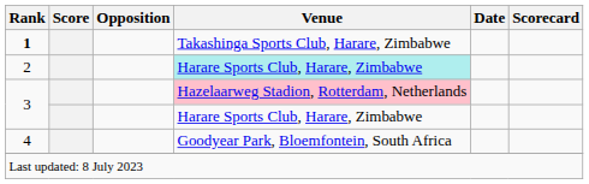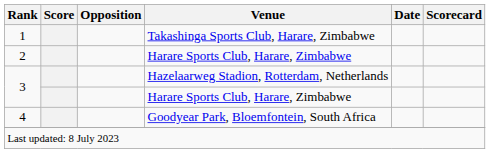 <table class="wikitable plainrowheaders sortable">
 <tr>
 <th scope=col>Rank</th>
 <th scope=col>Score</th>
 <th scope=col>Opposition</th>
 <th scope=col>Venue</th>
 <th scope=col>Date</th>
 <th scope=col>Scorecard</th>
 </tr>
 <tr>
-<td align=center><strong>1</strong></td>
+<td align=center>1</td>
 <th scope=row style=text-align:center;></th>
 <td></td>
 <td><a href='#'>Takashinga Sports Club</a>, <a href='#'>Harare</a>, Zimbabwe</td>
 <td> </td>
 <td></td>
 </tr>
 <tr>
 <td align="center">2</td>
 <th scope="row" style="text-align:center;"></th>
 <td></td>
-<td style="background: paleturquoise;"><a href='#'>Harare Sports Club</a>, <a href='#'>Harare</a>, <a href='#'>Zimbabwe</a></td>
+<td><a href='#'>Harare Sports Club</a>, <a href='#'>Harare</a>, <a href='#'>Zimbabwe</a></td>
 <td> </td>
 <td></td>
 </tr>
 <tr>
 <td rowspan="2" align="center">3</td>
 <th scope="row" style="text-align:center;"></th>
 <td></td>
-<td style="background: pink;"><a href='#'>Hazelaarweg Stadion</a>, <a href='#'>Rotterdam</a>, Netherlands</td>
+<td><a href='#'>Hazelaarweg Stadion</a>, <a href='#'>Rotterdam</a>, Netherlands</td>
 <td></td>
 <td></td>
 </tr>
 <tr>
 <th scope=row style=text-align:center;></th>
 <td></td>
 <td><a href='#'>Harare Sports Club</a>, <a href='#'>Harare</a>, Zimbabwe</td>
 <td> </td>
 <td></td>
 </tr>
 <tr>
 <td align="center">4</td>
 <th scope="row" style="text-align:center;"></th>
 <td></td>
 <td><a href='#'>Goodyear Park</a>, <a href='#'>Bloemfontein</a>, South Africa</td>
 <td> </td>
 <td></td>
 </tr>
 <tr>
 </tr>
 <tr class=sortbottom>
 <td colspan=6><small>Last updated: 8 July 2023</small></td>
 </tr>
 </table>
